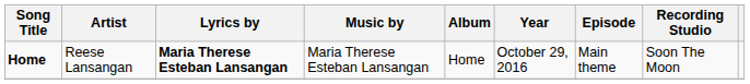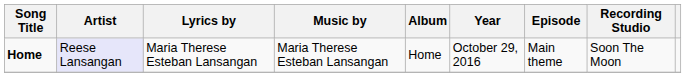 <table class="wikitable">
 <tr>
 <th>Song Title</th>
 <th>Artist</th>
 <th>Lyrics by</th>
 <th>Music by</th>
 <th>Album</th>
 <th>Year</th>
 <th>Episode</th>
 <th>Recording Studio</th>
 <th></th>
 </tr>
 <tr>
 <td><strong>Home</strong></td>
-<td>Reese Lansangan</td>
-<td><strong>Maria Therese Esteban Lansangan</strong></td>
+<td style="background: lavender;">Reese Lansangan</td>
+<td>Maria Therese Esteban Lansangan</td>
 <td>Maria Therese Esteban Lansangan</td>
 <td>Home</td>
 <td>October 29, 2016</td>
 <td>Main theme</td>
 <td>Soon The Moon</td>
 <td style="text-align: center;"></td>
 </tr>
 <tr>
 </tr>
 </table>
